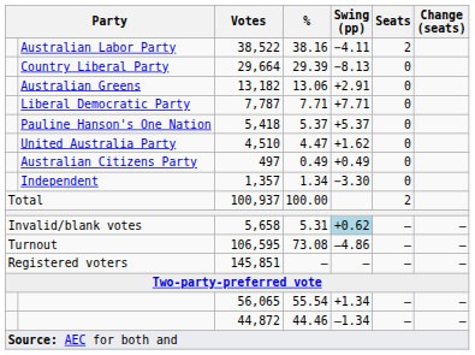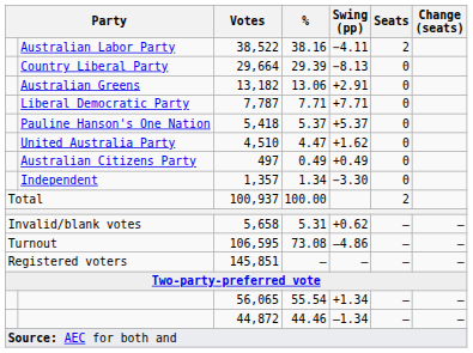 <table class="wikitable" style="text-align:right;  margin-bottom:0">
 <tr>
 <th style="width:200px" colspan=3>Party</th>
 <th style="width:70px;">Votes</th>
 <th style="width:40px;">%</th>
 <th style="width:40px;">Swing (pp)</th>
 <th style="width:40px;">Seats</th>
 <th style="width:40px;">Change (seats)</th>
 </tr>
 <tr>
 <td> </td>
 <td style="text-align:left;" colspan="2"><a href='#'>Australian Labor Party</a></td>
 <td align=right>38,522</td>
 <td align=right>38.16</td>
 <td align=right>−4.11</td>
 <td align=right>2</td>
 <td align=right></td>
 </tr>
 <tr>
 <td> </td>
 <td style="text-align:left;" colspan="2"><a href='#'>Country Liberal Party</a></td>
 <td>29,664</td>
 <td>29.39</td>
 <td>−8.13</td>
 <td>0</td>
 <td></td>
 </tr>
 <tr>
 <td> </td>
 <td style="text-align:left;" colspan="2"><a href='#'>Australian Greens</a></td>
 <td align=right>13,182</td>
 <td align=right>13.06</td>
 <td align=right>+2.91</td>
 <td align=right>0</td>
 <td align=right></td>
 </tr>
 <tr>
 <td> </td>
 <td style="text-align:left;" colspan="2"><a href='#'>Liberal Democratic Party</a></td>
 <td align=right>7,787</td>
 <td align=right>7.71</td>
 <td align=right>+7.71</td>
 <td align=right>0</td>
 <td align=right></td>
 </tr>
 <tr>
 <td> </td>
 <td style="text-align:left;" colspan="2"><a href='#'>Pauline Hanson's One Nation</a></td>
 <td align=right>5,418</td>
 <td align=right>5.37</td>
 <td align=right>+5.37</td>
 <td align=right>0</td>
 <td align=right></td>
 </tr>
 <tr>
 <td> </td>
 <td style="text-align:left;" colspan="2"><a href='#'>United Australia Party</a></td>
 <td align=right>4,510</td>
 <td align=right>4.47</td>
 <td align=right>+1.62</td>
 <td align=right>0</td>
 <td align=right></td>
 </tr>
 <tr>
 <td> </td>
 <td style="text-align:left;" colspan="2"><a href='#'>Australian Citizens Party</a></td>
 <td align=right>497</td>
 <td align=right>0.49</td>
 <td align=right>+0.49</td>
 <td align=right>0</td>
 <td align=right></td>
 </tr>
 <tr>
 <td> </td>
 <td style="text-align:left;" colspan="2"><a href='#'>Independent</a></td>
 <td align=right>1,357</td>
 <td align=right>1.34</td>
 <td align=right>−3.30</td>
 <td align=right>0</td>
 <td align=right></td>
 </tr>
 <tr>
 <td colspan=3 align=left>Total</td>
 <td align=right>100,937</td>
 <td align=right>100.00</td>
 <td align=right></td>
 <td align=right>2</td>
 <td align=right></td>
 </tr>
 <tr>
 <th colspan="9"></th>
 </tr>
 <tr>
 <td style="text-align:left;" colspan="3">Invalid/blank votes</td>
 <td align=right>5,658</td>
 <td align=right>5.31</td>
-<td align=right style="background: lightblue;">+0.62</td>
+<td align=right>+0.62</td>
 <td align=right>–</td>
 <td align=right>–</td>
 </tr>
 <tr>
 <td style="text-align:left;" colspan="3">Turnout</td>
 <td align=right>106,595</td>
 <td align=right>73.08</td>
 <td align=right>–4.86</td>
 <td align=right>–</td>
 <td align=right>–</td>
 </tr>
 <tr>
 <td style="text-align:left;" colspan="3">Registered voters</td>
 <td align=right>145,851</td>
 <td align=right>–</td>
 <td align=right>–</td>
 <td align=right>–</td>
 <td align=right>–</td>
 </tr>
 <tr>
 <td colspan="8" style="text-align:center; background:#eee;"><strong><a href='#'>Two-party-preferred vote</a></strong></td>
 </tr>
 <tr>
 <td> </td>
 <td colspan=2 align=left></td>
 <td align=right>56,065</td>
 <td align=right>55.54</td>
 <td align=right>+1.34</td>
 <td align=right>–</td>
 <td align=right>–</td>
 </tr>
 <tr>
 <td> </td>
 <td colspan=2 align=left></td>
 <td align=right>44,872</td>
 <td align=right>44.46</td>
 <td align=right>–1.34</td>
 <td align=right>–</td>
 <td align=right>–</td>
 </tr>
 <tr>
 <td style="text-align:left; background-color:#eaecf0" colspan="8"><strong>Source:</strong> <a href='#'>AEC</a> for both  and </td>
 </tr>
 </table>
